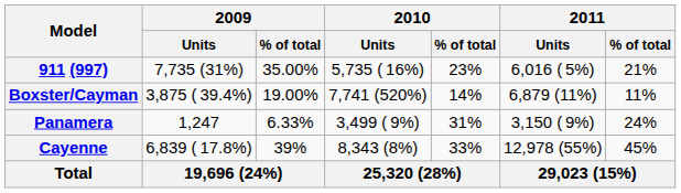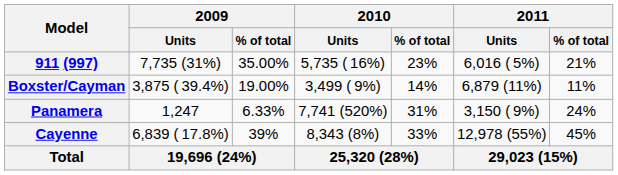 <table class="wikitable" style="text-align:center; text-size:94%;">
 <tr>
 <th rowspan="2" style="width:120px;">Model</th>
 <th colspan="2" style="width:160px;">2009</th>
 <th colspan="2" style="width:160px;">2010</th>
 <th colspan="2" style="width:160px;">2011</th>
 </tr>
 <tr>
 <th><small>Units</small></th>
 <th><small>% of total</small></th>
 <th><small>Units</small></th>
 <th><small>% of total</small></th>
 <th><small>Units</small></th>
 <th><small>% of total</small></th>
 </tr>
 <tr>
 <th><a href='#'>911</a> <a href='#'>(997)</a></th>
 <td>7,735 (31%)</td>
 <td>35.00%</td>
 <td>5,735 ( 16%)</td>
 <td>23%</td>
 <td>6,016 ( 5%)</td>
 <td>21%</td>
 </tr>
 <tr>
 <th><a href='#'>Boxster/Cayman</a></th>
 <td>3,875 ( 39.4%)</td>
 <td>19.00%</td>
-<td>7,741 (520%)</td>
+<td>3,499 ( 9%)</td>
 <td>14%</td>
 <td>6,879 (11%)</td>
 <td>11%</td>
 </tr>
 <tr>
 <th><a href='#'>Panamera</a></th>
 <td>1,247</td>
 <td>6.33%</td>
-<td>3,499 ( 9%)</td>
+<td>7,741 (520%)</td>
 <td>31%</td>
 <td>3,150 ( 9%)</td>
 <td>24%</td>
 </tr>
 <tr>
 <th><a href='#'>Cayenne</a></th>
 <td>6,839 ( 17.8%)</td>
 <td>39%</td>
 <td>8,343 (8%)</td>
 <td>33%</td>
 <td>12,978 (55%)</td>
 <td>45%</td>
 </tr>
 <tr style="background:WhiteSmoke;">
 <th>Total</th>
 <th colspan=2>19,696 (24%)</th>
 <th colspan=2>25,320 (28%)</th>
 <th colspan=2>29,023 (15%)</th>
 </tr>
 </table>
